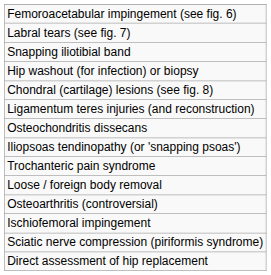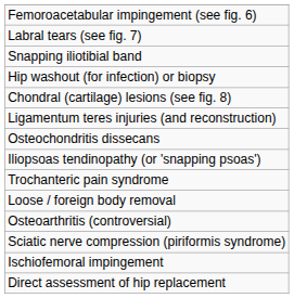 <table class="wikitable">
 <tr>
 </tr>
 <tr>
 <td>Femoroacetabular impingement (see fig. 6)</td>
 </tr>
 <tr>
 <td>Labral tears (see fig. 7)</td>
 </tr>
 <tr>
 <td>Snapping iliotibial band</td>
 </tr>
 <tr>
 <td>Hip washout (for infection) or biopsy</td>
 </tr>
 <tr>
 <td>Chondral (cartilage) lesions (see fig. 8)</td>
 </tr>
 <tr>
 <td>Ligamentum teres injuries (and reconstruction)</td>
 </tr>
 <tr>
 <td>Osteochondritis dissecans</td>
 </tr>
 <tr>
 <td>Iliopsoas tendinopathy (or 'snapping psoas')</td>
 </tr>
 <tr>
 <td>Trochanteric pain syndrome</td>
 </tr>
 <tr>
 <td>Loose / foreign body removal</td>
 </tr>
 <tr>
 <td>Osteoarthritis (controversial)</td>
 </tr>
 <tr>
-<td>Ischiofemoral impingement</td>
+<td>Sciatic nerve compression (piriformis syndrome)</td>
 </tr>
 <tr>
-<td>Sciatic nerve compression (piriformis syndrome)</td>
+<td>Ischiofemoral impingement</td>
 </tr>
 <tr>
 <td>Direct assessment of hip replacement </td>
 </tr>
 </table>
